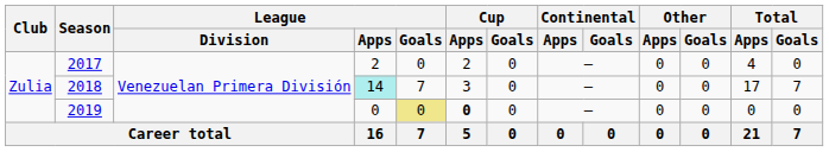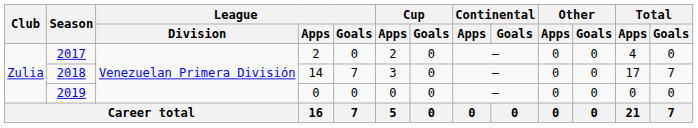 <table class="wikitable" style="text-align: center">
 <tr>
 <th rowspan="2">Club</th>
 <th rowspan="2">Season</th>
 <th colspan="3">League</th>
 <th colspan="2">Cup</th>
 <th colspan="2">Continental</th>
 <th colspan="2">Other</th>
 <th colspan="2">Total</th>
 </tr>
 <tr>
 <th>Division</th>
 <th>Apps</th>
 <th>Goals</th>
 <th>Apps</th>
 <th>Goals</th>
 <th>Apps</th>
 <th>Goals</th>
 <th>Apps</th>
 <th>Goals</th>
 <th>Apps</th>
 <th>Goals</th>
 </tr>
 <tr>
 <td rowspan="3"><a href='#'>Zulia</a></td>
 <td><a href='#'>2017</a></td>
 <td rowspan="3"><a href='#'>Venezuelan Primera División</a></td>
 <td>2</td>
 <td>0</td>
 <td>2</td>
 <td>0</td>
 <td colspan="2">–</td>
 <td>0</td>
 <td>0</td>
 <td>4</td>
 <td>0</td>
 </tr>
 <tr>
 <td><a href='#'>2018</a></td>
-<td style="background: paleturquoise;">14</td>
+<td>14</td>
 <td>7</td>
 <td>3</td>
 <td>0</td>
 <td colspan="2">–</td>
 <td>0</td>
 <td>0</td>
 <td>17</td>
 <td>7</td>
 </tr>
 <tr>
 <td><a href='#'>2019</a></td>
 <td>0</td>
-<td style="background: khaki;">0</td>
-<td><strong>0</strong></td>
+<td>0</td>
+<td>0</td>
 <td>0</td>
 <td colspan="2">–</td>
 <td>0</td>
 <td>0</td>
 <td>0</td>
 <td>0</td>
 </tr>
 <tr>
 <th colspan="3"><strong>Career total</strong></th>
 <th>16</th>
 <th>7</th>
 <th>5</th>
 <th>0</th>
 <th>0</th>
 <th>0</th>
 <th>0</th>
 <th>0</th>
 <th>21</th>
 <th>7</th>
 </tr>
 </table>
